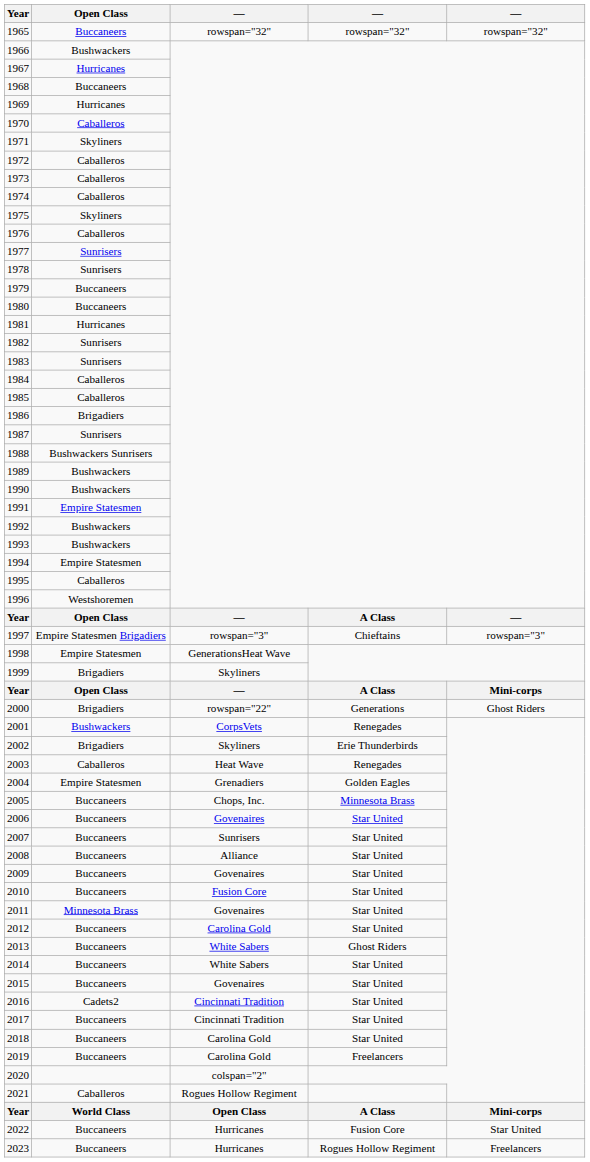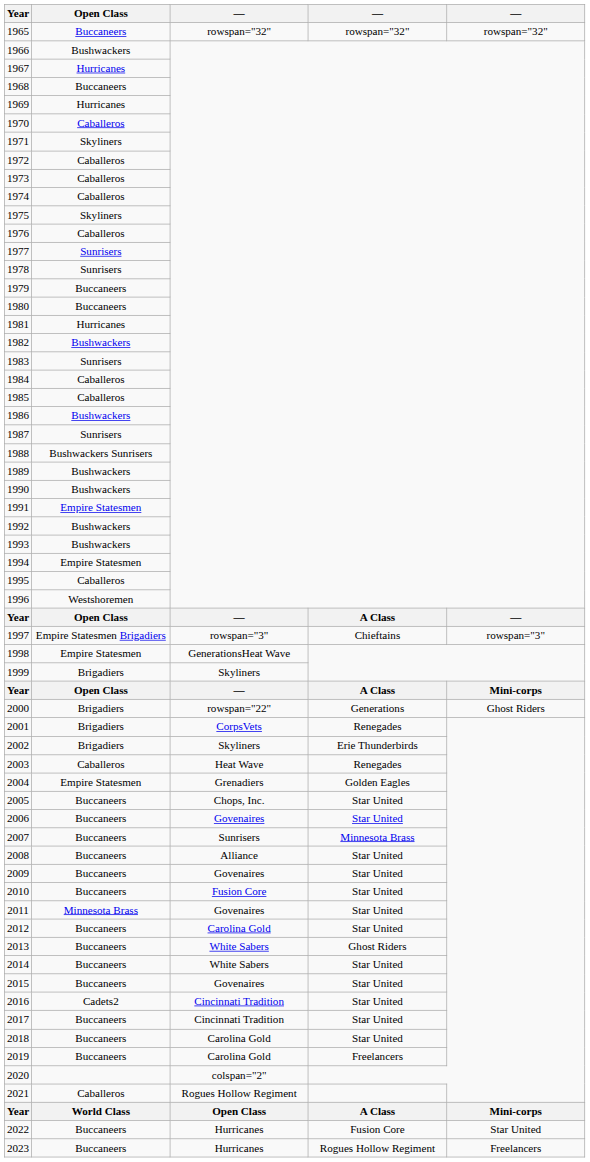 <table class="wikitable" style="font-size: 95%; text-align:center;">
 <tr>
 <th>Year</th>
 <th style="min-width: 12em;">Open Class</th>
 <th style="min-width: 12em;">—</th>
 <th style="min-width: 12em;">—</th>
 <th style="min-width: 12em;">—</th>
 </tr>
 <tr>
 <td>1965</td>
 <td><a href='#'>Buccaneers</a></td>
 <td>rowspan="32" </td>
 <td>rowspan="32" </td>
 <td>rowspan="32" </td>
 </tr>
 <tr>
 <td>1966</td>
 <td>Bushwackers </td>
 </tr>
 <tr>
 <td>1967</td>
 <td><a href='#'>Hurricanes</a></td>
 </tr>
 <tr>
 <td>1968</td>
 <td>Buccaneers </td>
 </tr>
 <tr>
 <td>1969</td>
 <td>Hurricanes </td>
 </tr>
 <tr>
 <td>1970</td>
 <td><a href='#'>Caballeros</a></td>
 </tr>
 <tr>
 <td>1971</td>
 <td>Skyliners </td>
 </tr>
 <tr>
 <td>1972</td>
 <td>Caballeros </td>
 </tr>
 <tr>
 <td>1973</td>
 <td>Caballeros </td>
 </tr>
 <tr>
 <td>1974</td>
 <td>Caballeros </td>
 </tr>
 <tr>
 <td>1975</td>
 <td>Skyliners </td>
 </tr>
 <tr>
 <td>1976</td>
 <td>Caballeros </td>
 </tr>
 <tr>
 <td>1977</td>
 <td><a href='#'>Sunrisers</a></td>
 </tr>
 <tr>
 <td>1978</td>
 <td>Sunrisers </td>
 </tr>
 <tr>
 <td>1979</td>
 <td>Buccaneers </td>
 </tr>
 <tr>
 <td>1980</td>
 <td>Buccaneers </td>
 </tr>
 <tr>
 <td>1981</td>
 <td>Hurricanes </td>
 </tr>
 <tr>
 <td>1982</td>
-<td>Sunrisers </td>
+<td><a href='#'>Bushwackers</a></td>
 </tr>
 <tr>
 <td>1983</td>
 <td>Sunrisers </td>
 </tr>
 <tr>
 <td>1984</td>
 <td>Caballeros </td>
 </tr>
 <tr>
 <td>1985</td>
 <td>Caballeros </td>
 </tr>
 <tr>
 <td>1986</td>
-<td>Brigadiers </td>
+<td><a href='#'>Bushwackers</a></td>
 </tr>
 <tr>
 <td>1987</td>
 <td>Sunrisers </td>
 </tr>
 <tr>
 <td>1988</td>
 <td>Bushwackers Sunrisers </td>
 </tr>
 <tr>
 <td>1989</td>
 <td>Bushwackers </td>
 </tr>
 <tr>
 <td>1990</td>
 <td>Bushwackers </td>
 </tr>
 <tr>
 <td>1991</td>
 <td><a href='#'>Empire Statesmen</a></td>
 </tr>
 <tr>
 <td>1992</td>
 <td>Bushwackers </td>
 </tr>
 <tr>
 <td>1993</td>
 <td>Bushwackers </td>
 </tr>
 <tr>
 <td>1994</td>
 <td>Empire Statesmen </td>
 </tr>
 <tr>
 <td>1995</td>
 <td>Caballeros </td>
 </tr>
 <tr>
 <td>1996</td>
 <td>Westshoremen</td>
 </tr>
 <tr>
 <th>Year</th>
 <th>Open Class</th>
 <th>—</th>
 <th>A Class</th>
 <th>—</th>
 </tr>
 <tr>
 <td>1997</td>
 <td>Empire Statesmen <a href='#'>Brigadiers</a></td>
 <td>rowspan="3" </td>
 <td>Chieftains</td>
 <td>rowspan="3" </td>
 </tr>
 <tr>
 <td>1998</td>
 <td>Empire Statesmen </td>
 <td>GenerationsHeat Wave</td>
 </tr>
 <tr>
 <td>1999</td>
 <td>Brigadiers </td>
 <td>Skyliners</td>
 </tr>
 <tr>
 <th>Year</th>
 <th>Open Class</th>
 <th>—</th>
 <th>A Class</th>
 <th>Mini-corps</th>
 </tr>
 <tr>
 <td>2000</td>
 <td>Brigadiers </td>
 <td>rowspan="22" </td>
 <td>Generations </td>
 <td>Ghost Riders</td>
 </tr>
 <tr>
 <td>2001</td>
-<td><a href='#'>Bushwackers</a></td>
+<td>Brigadiers </td>
 <td><a href='#'>CorpsVets</a></td>
 <td>Renegades</td>
 </tr>
 <tr>
 <td>2002</td>
 <td>Brigadiers </td>
 <td>Skyliners </td>
 <td>Erie Thunderbirds</td>
 </tr>
 <tr>
 <td>2003</td>
 <td>Caballeros </td>
 <td>Heat Wave </td>
 <td>Renegades </td>
 </tr>
 <tr>
 <td>2004</td>
 <td>Empire Statesmen </td>
 <td>Grenadiers</td>
 <td>Golden Eagles</td>
 </tr>
 <tr>
 <td>2005</td>
 <td>Buccaneers </td>
 <td>Chops, Inc.</td>
-<td><a href='#'>Minnesota Brass</a></td>
+<td>Star United </td>
 </tr>
 <tr>
 <td>2006</td>
 <td>Buccaneers </td>
 <td><a href='#'>Govenaires</a></td>
 <td><a href='#'>Star United</a></td>
 </tr>
 <tr>
 <td>2007</td>
 <td>Buccaneers </td>
 <td>Sunrisers</td>
-<td>Star United </td>
+<td><a href='#'>Minnesota Brass</a></td>
 </tr>
 <tr>
 <td>2008</td>
 <td>Buccaneers </td>
 <td>Alliance</td>
 <td>Star United </td>
 </tr>
 <tr>
 <td>2009</td>
 <td>Buccaneers </td>
 <td>Govenaires </td>
 <td>Star United </td>
 </tr>
 <tr>
 <td>2010</td>
 <td>Buccaneers </td>
 <td><a href='#'>Fusion Core</a></td>
 <td>Star United </td>
 </tr>
 <tr>
 <td>2011</td>
 <td><a href='#'>Minnesota Brass</a></td>
 <td>Govenaires </td>
 <td>Star United </td>
 </tr>
 <tr>
 <td>2012</td>
 <td>Buccaneers </td>
 <td><a href='#'>Carolina Gold</a></td>
 <td>Star United </td>
 </tr>
 <tr>
 <td>2013</td>
 <td>Buccaneers </td>
 <td><a href='#'>White Sabers</a></td>
 <td>Ghost Riders </td>
 </tr>
 <tr>
 <td>2014</td>
 <td>Buccaneers </td>
 <td>White Sabers </td>
 <td>Star United </td>
 </tr>
 <tr>
 <td>2015</td>
 <td>Buccaneers </td>
 <td>Govenaires </td>
 <td>Star United </td>
 </tr>
 <tr>
 <td>2016</td>
 <td>Cadets2</td>
 <td><a href='#'>Cincinnati Tradition</a></td>
 <td>Star United </td>
 </tr>
 <tr>
 <td>2017</td>
 <td>Buccaneers </td>
 <td>Cincinnati Tradition </td>
 <td>Star United </td>
 </tr>
 <tr>
 <td>2018</td>
 <td>Buccaneers </td>
 <td>Carolina Gold </td>
 <td>Star United </td>
 </tr>
 <tr>
 <td>2019</td>
 <td>Buccaneers </td>
 <td>Carolina Gold </td>
 <td>Freelancers</td>
 </tr>
 <tr>
 <td>2020</td>
 <td></td>
 <td>colspan="2" </td>
 </tr>
 <tr>
 <td>2021</td>
 <td>Caballeros </td>
 <td>Rogues Hollow Regiment</td>
 <td></td>
 </tr>
 <tr>
 <th>Year</th>
 <th>World Class</th>
 <th>Open Class</th>
 <th>A Class</th>
 <th>Mini-corps</th>
 </tr>
 <tr>
 <td>2022</td>
 <td>Buccaneers </td>
 <td>Hurricanes</td>
 <td>Fusion Core </td>
 <td>Star United </td>
 </tr>
 <tr>
 <td>2023</td>
 <td>Buccaneers </td>
 <td>Hurricanes </td>
 <td>Rogues Hollow Regiment </td>
 <td>Freelancers </td>
 </tr>
 </table>
